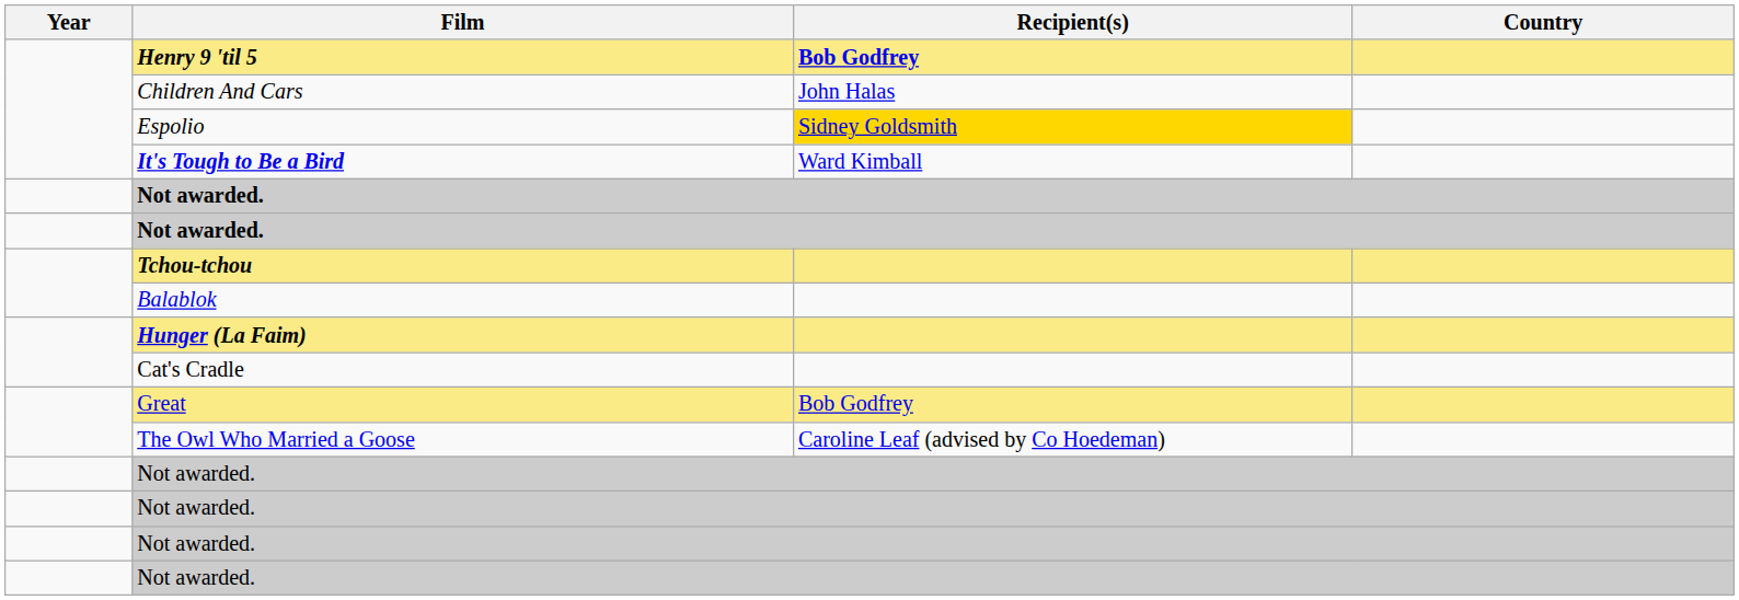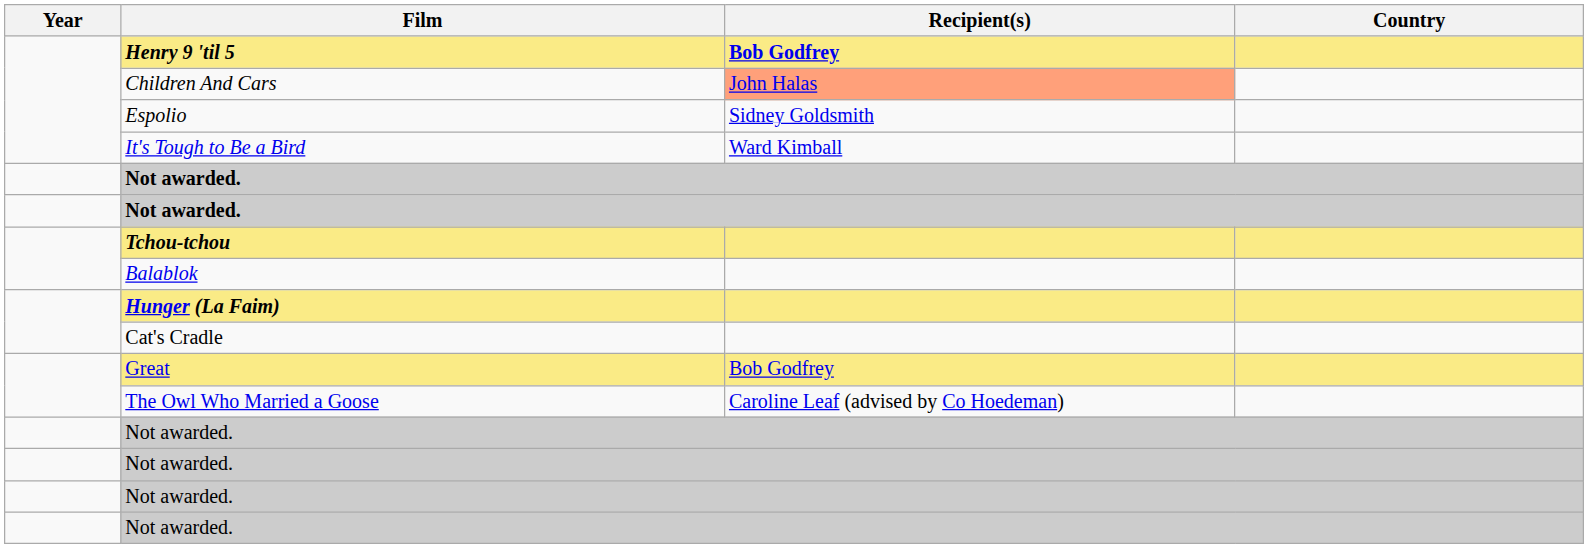 <table class="wikitable" style="width:100%;" cellpadding="5">
 <tr>
 <th style="width:5%;">Year</th>
 <th style="width:26%;">Film</th>
 <th style="width:22%;">Recipient(s)</th>
 <th style="width:15%;">Country</th>
 </tr>
 <tr>
 <td rowspan="4"></td>
 <td style="background:#FAEB86"><strong><em>Henry 9 'til 5</em></strong></td>
 <td style="background:#FAEB86"><strong><a href='#'>Bob Godfrey</a></strong></td>
 <td style="background:#FAEB86"></td>
 </tr>
 <tr>
 <td><em>Children And Cars</em></td>
-<td><a href='#'>John Halas</a></td>
+<td style="background: lightsalmon;"><a href='#'>John Halas</a></td>
 <td></td>
 </tr>
 <tr>
 <td><em>Espolio</em></td>
-<td style="background: gold;"><a href='#'>Sidney Goldsmith</a></td>
+<td><a href='#'>Sidney Goldsmith</a></td>
 <td></td>
 </tr>
 <tr>
-<td><strong><em><a href='#'>It's Tough to Be a Bird</a></em></strong></td>
+<td><em><a href='#'>It's Tough to Be a Bird</a></em></td>
 <td><a href='#'>Ward Kimball</a></td>
 <td></td>
 </tr>
 <tr>
 <td></td>
 <td colspan="3" style="background:#ccc;"><strong>Not awarded.</strong></td>
 </tr>
 <tr>
 <td></td>
 <td colspan="3" style="background:#ccc;"><strong>Not awarded.</strong></td>
 </tr>
 <tr>
 <td rowspan="2"></td>
 <td style="background:#FAEB86"><strong><em>Tchou-tchou</em></strong></td>
 <td style="background:#FAEB86"></td>
 <td style="background:#FAEB86"></td>
 </tr>
 <tr>
 <td><em><a href='#'>Balablok</a></em></td>
 <td></td>
 <td></td>
 </tr>
 <tr>
 <td rowspan="2"></td>
 <td style="background:#FAEB86"><strong><em><a href='#'>Hunger</a><em> (</em>La Faim<em>)<strong></td>
 <td style="background:#FAEB86"></td>
 <td style="background:#FAEB86"></td>
 </tr>
 <tr>
 <td></em>Cat's Cradle<em></td>
 <td></td>
 <td></td>
 </tr>
 <tr>
 <td rowspan="2"></td>
 <td style="background:#FAEB86"></em></strong><a href='#'>Great</a><strong><em></td>
 <td style="background:#FAEB86"></strong><a href='#'>Bob Godfrey</a><strong></td>
 <td style="background:#FAEB86"></td>
 </tr>
 <tr>
 <td></em><a href='#'>The Owl Who Married a Goose</a><em></td>
 <td><a href='#'>Caroline Leaf</a> (advised by <a href='#'>Co Hoedeman</a>)</td>
 <td></td>
 </tr>
 <tr>
 <td rowspan="1"></td>
 <td colspan="3" style="background:#ccc;"></strong>Not awarded.<strong></td>
 </tr>
 <tr>
 <td rowspan="1"></td>
 <td colspan="3" style="background:#ccc;"></strong>Not awarded.<strong></td>
 </tr>
 <tr>
 <td rowspan="1"></td>
 <td colspan="3" style="background:#ccc;"></strong>Not awarded.<strong></td>
 </tr>
 <tr>
 <td rowspan="1"></td>
 <td colspan="3" style="background:#ccc;"></strong>Not awarded.<strong></td>
 </tr>
 </table>
